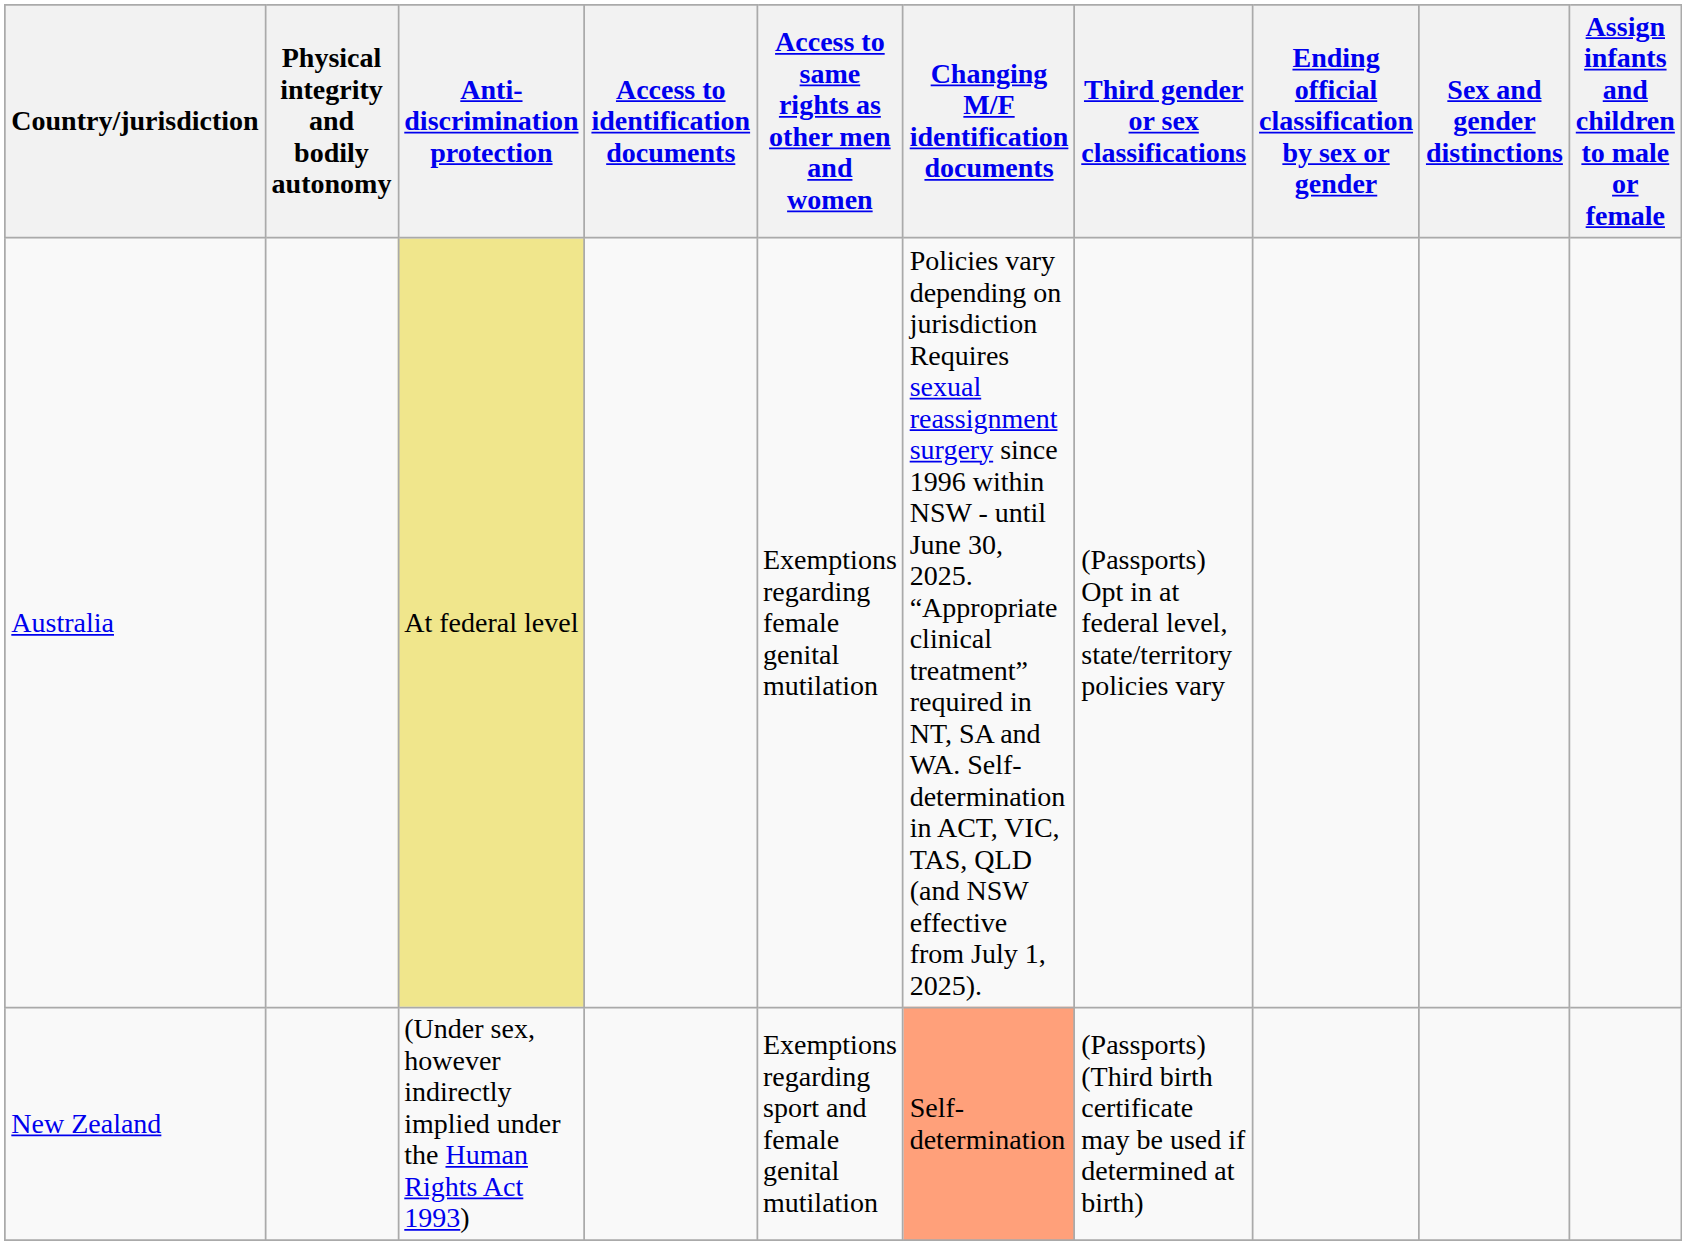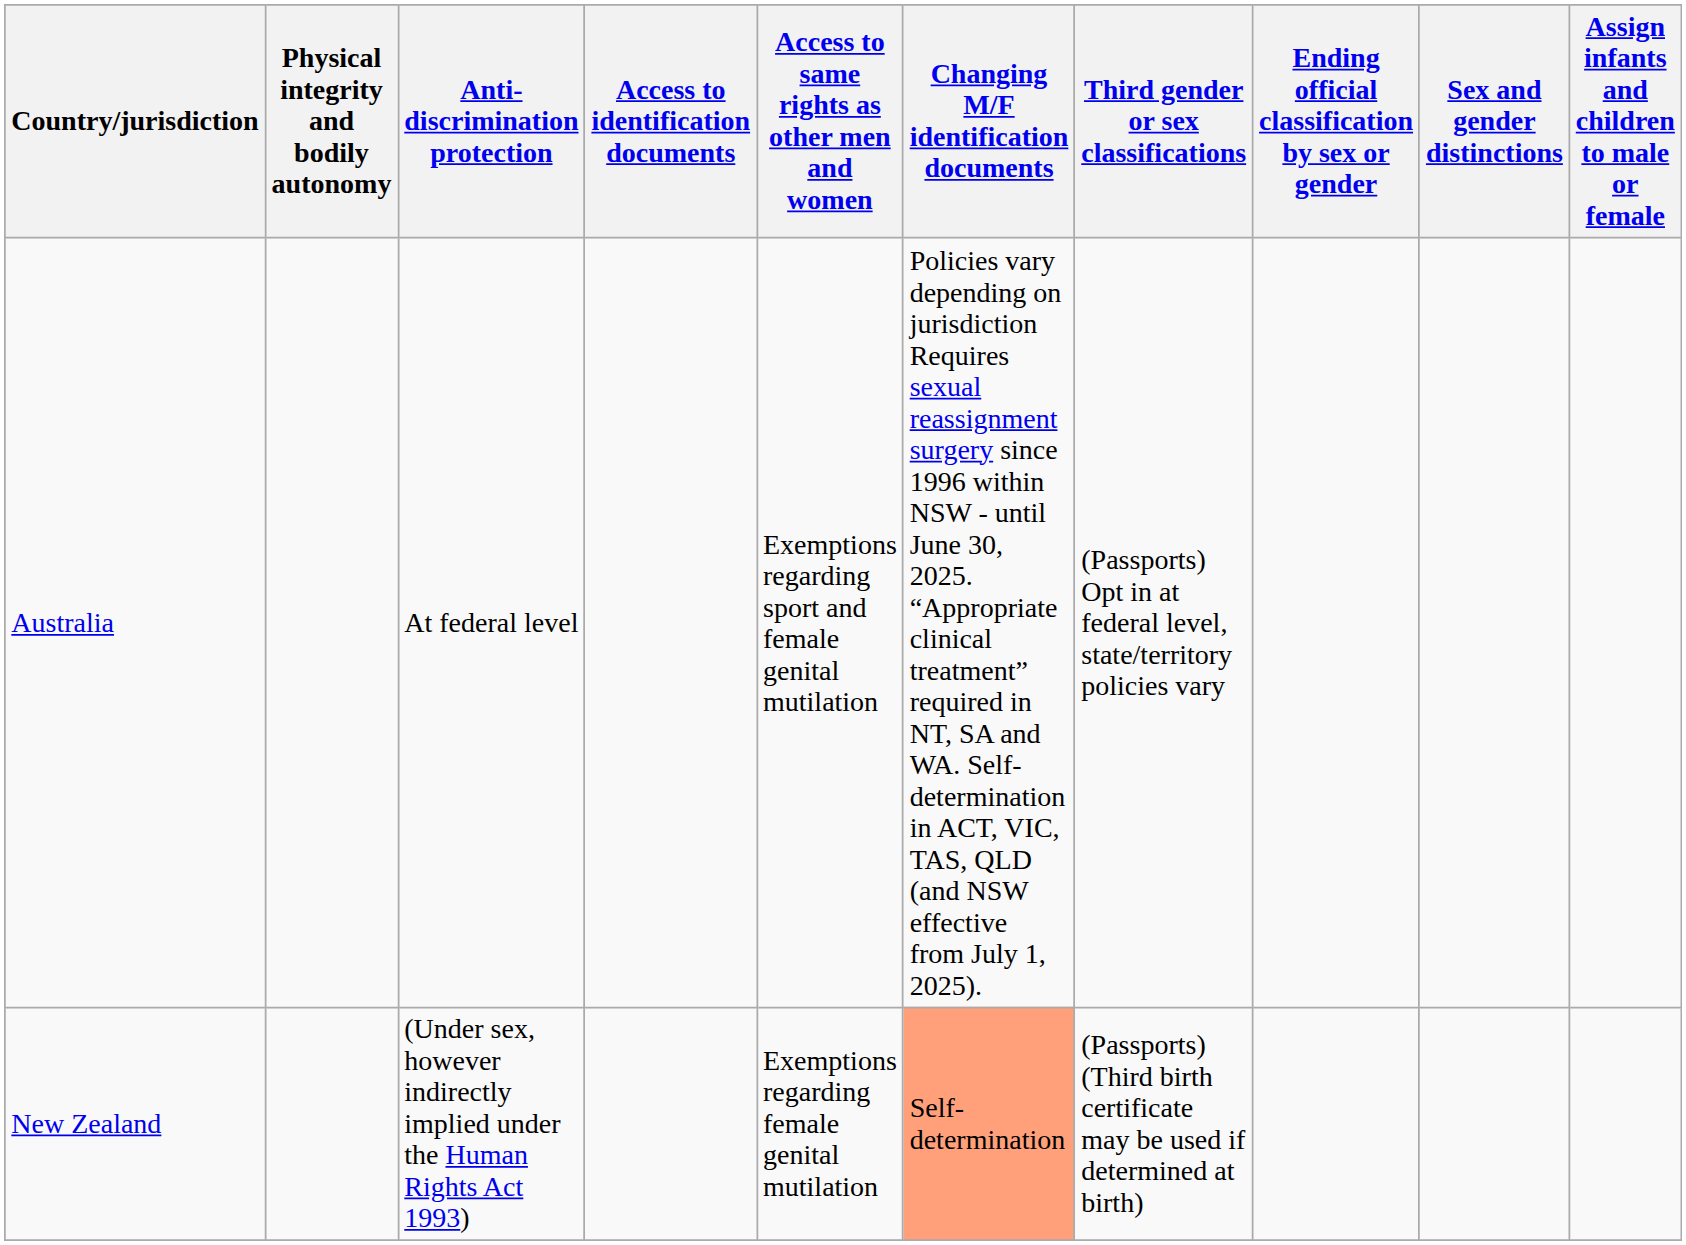 <table class="wikitable">
 <tr>
 <th width="12.5%">Country/jurisdiction</th>
 <th width="12.5%">Physical integrity and bodily autonomy</th>
 <th width="12.5%"><a href='#'>Anti-discrimination protection</a></th>
 <th width="12.5%"><a href='#'>Access to identification documents</a></th>
 <th width="12.5%"><a href='#'>Access to same rights as other men and women</a></th>
 <th width="12.5%"><a href='#'>Changing M/F identification documents</a></th>
 <th width="12.5%"><a href='#'>Third gender or sex classifications</a></th>
 <th width="12.5%"><a href='#'>Ending official classification by sex or gender</a></th>
 <th width="12.5%"><a href='#'>Sex and gender distinctions</a></th>
 <th width="12.5%"><a href='#'>Assign infants and children to male or female</a></th>
 </tr>
 <tr>
 <td> <a href='#'>Australia</a></td>
 <td> </td>
-<td style="background: khaki;">  At federal level</td>
+<td>  At federal level</td>
 <td></td>
-<td>  Exemptions regarding female genital mutilation</td>
+<td>  Exemptions regarding sport and female genital mutilation</td>
 <td> Policies vary depending on jurisdiction  Requires <a href='#'>sexual reassignment surgery</a> since 1996 within NSW - until June 30, 2025. “Appropriate clinical treatment” required in NT, SA and WA. Self-determination in ACT, VIC, TAS, QLD (and NSW effective from July 1, 2025).</td>
 <td>  (Passports)  Opt in at federal level, state/territory policies vary</td>
 <td></td>
 <td></td>
 <td></td>
 </tr>
 <tr>
 <td> <a href='#'>New Zealand</a></td>
 <td> </td>
 <td>  (Under sex, however indirectly implied under the <a href='#'>Human Rights Act 1993</a>)</td>
 <td></td>
-<td>  Exemptions regarding sport and female genital mutilation</td>
+<td>  Exemptions regarding female genital mutilation</td>
 <td style="background: lightsalmon;"> Self-determination</td>
 <td>  (Passports)  (Third birth certificate may be used if determined at birth)</td>
 <td></td>
 <td></td>
 <td></td>
 </tr>
 <tr>
 </tr>
 </table>
